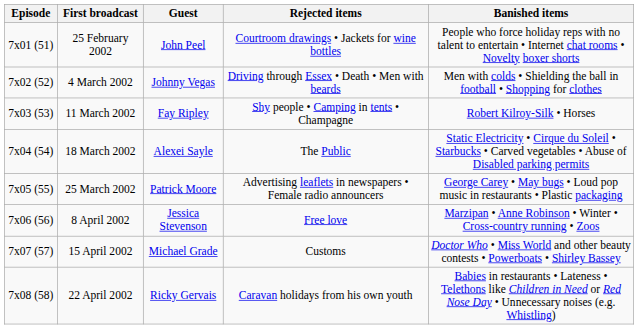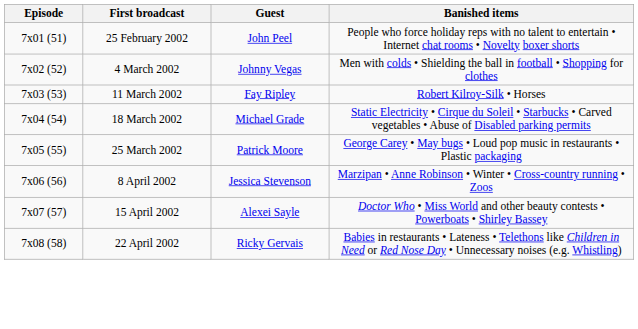 <table class="wikitable"  style="width:99%; left:0 auto; text-align:center;">
 <tr>
 <th style="width:8%;">Episode</th>
 <th style="width:13%;">First broadcast</th>
 <th style="width:12%;">Guest</th>
-<th style="width:31%;">Rejected items</th>
 <th style="width:31%;">Banished items</th>
 </tr>
 <tr>
 <td>7x01 (51)</td>
 <td>25 February 2002</td>
 <td><a href='#'>John Peel</a></td>
-<td><a href='#'>Courtroom drawings</a> • Jackets for <a href='#'>wine bottles</a></td>
 <td>People who force holiday reps with no talent to entertain • Internet <a href='#'>chat rooms</a> • <a href='#'>Novelty</a> <a href='#'>boxer shorts</a></td>
 </tr>
 <tr>
 <td>7x02 (52)</td>
 <td>4 March 2002</td>
 <td><a href='#'>Johnny Vegas</a></td>
-<td><a href='#'>Driving</a> through <a href='#'>Essex</a> • Death • Men with <a href='#'>beards</a></td>
 <td>Men with <a href='#'>colds</a> • Shielding the ball in <a href='#'>football</a> • <a href='#'>Shopping</a> for <a href='#'>clothes</a></td>
 </tr>
 <tr>
 <td>7x03 (53)</td>
 <td>11 March 2002</td>
 <td><a href='#'>Fay Ripley</a></td>
-<td><a href='#'>Shy</a> people • <a href='#'>Camping</a> in <a href='#'>tents</a> • Champagne</td>
 <td><a href='#'>Robert Kilroy-Silk</a> • Horses</td>
 </tr>
 <tr>
 <td>7x04 (54)</td>
 <td>18 March 2002</td>
-<td><a href='#'>Alexei Sayle</a></td>
-<td>The <a href='#'>Public</a></td>
+<td><a href='#'>Michael Grade</a></td>
 <td><a href='#'>Static Electricity</a> • <a href='#'>Cirque du Soleil</a> • <a href='#'>Starbucks</a> • Carved vegetables • Abuse of <a href='#'>Disabled parking permits</a></td>
 </tr>
 <tr>
 <td>7x05 (55)</td>
 <td>25 March 2002</td>
 <td><a href='#'>Patrick Moore</a></td>
-<td>Advertising <a href='#'>leaflets</a> in newspapers • Female radio announcers</td>
 <td><a href='#'>George Carey</a> • <a href='#'>May bugs</a> • Loud pop music in restaurants • Plastic <a href='#'>packaging</a></td>
 </tr>
 <tr>
 <td>7x06 (56)</td>
 <td>8 April 2002</td>
 <td><a href='#'>Jessica Stevenson</a></td>
-<td><a href='#'>Free love</a></td>
 <td><a href='#'>Marzipan</a> • <a href='#'>Anne Robinson</a> • Winter • <a href='#'>Cross-country running</a> • <a href='#'>Zoos</a></td>
 </tr>
 <tr>
 <td>7x07 (57)</td>
 <td>15 April 2002</td>
-<td><a href='#'>Michael Grade</a></td>
-<td>Customs</td>
+<td><a href='#'>Alexei Sayle</a></td>
 <td><em><a href='#'>Doctor Who</a></em> • <a href='#'>Miss World</a> and other beauty contests • <a href='#'>Powerboats</a> • <a href='#'>Shirley Bassey</a></td>
 </tr>
 <tr>
 <td>7x08 (58)</td>
 <td>22 April 2002</td>
 <td><a href='#'>Ricky Gervais</a></td>
-<td><a href='#'>Caravan</a> holidays from his own youth</td>
 <td><a href='#'>Babies</a> in restaurants • Lateness • <a href='#'>Telethons</a> like <em><a href='#'>Children in Need</a></em> or <em><a href='#'>Red Nose Day</a></em> • Unnecessary noises (e.g. <a href='#'>Whistling</a>)</td>
 </tr>
 </table>
